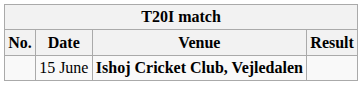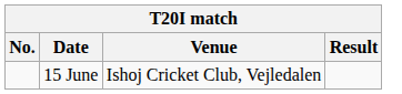 <table class="wikitable">
 <tr>
 <th colspan="6">T20I match</th>
 </tr>
 <tr>
 <th>No.</th>
 <th>Date</th>
 <th>Venue</th>
 <th>Result</th>
 </tr>
 <tr>
 <td></td>
 <td>15 June</td>
-<td><strong>Ishoj Cricket Club, Vejledalen</strong></td>
+<td>Ishoj Cricket Club, Vejledalen</td>
 <td></td>
 </tr>
 </table>
